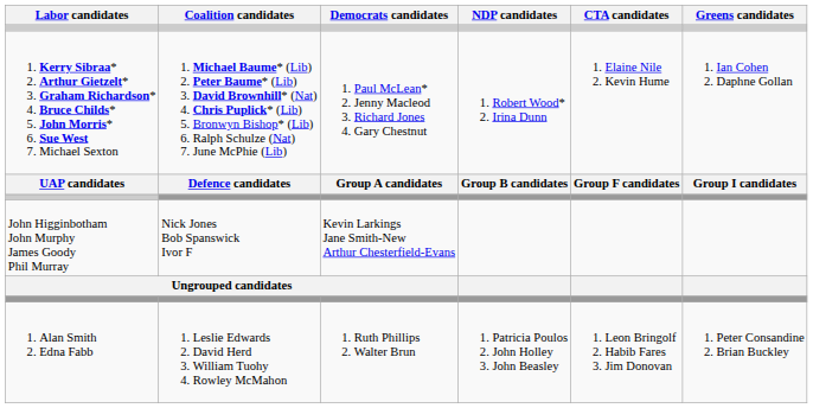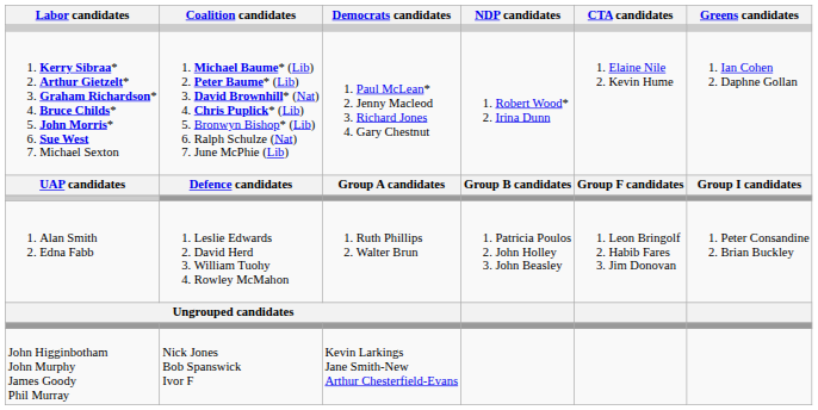 <table class="wikitable">
 <tr>
 <th><a href='#'>Labor</a> candidates</th>
 <th><a href='#'>Coalition</a> candidates</th>
 <th><a href='#'>Democrats</a> candidates</th>
 <th><a href='#'>NDP</a> candidates</th>
 <th><a href='#'>CTA</a> candidates</th>
 <th><a href='#'>Greens</a> candidates</th>
 </tr>
 <tr bgcolor="#cccccc">
 <td></td>
 <td></td>
 <td></td>
 <td></td>
 <td></td>
 <td></td>
 </tr>
 <tr>
 <td><br><ol><li><strong><a href='#'>Kerry Sibraa</a></strong>*</li><li><strong><a href='#'>Arthur Gietzelt</a></strong>*</li><li><strong><a href='#'>Graham Richardson</a></strong>*</li><li><strong><a href='#'>Bruce Childs</a></strong>*</li><li><strong><a href='#'>John Morris</a></strong>*</li><li><strong><a href='#'>Sue West</a></strong></li><li>Michael Sexton</li></ol></td>
 <td><br><ol><li><strong><a href='#'>Michael Baume</a></strong>* (<a href='#'>Lib</a>)</li><li><strong><a href='#'>Peter Baume</a></strong>* (<a href='#'>Lib</a>)</li><li><strong><a href='#'>David Brownhill</a></strong>* (<a href='#'>Nat</a>)</li><li><strong><a href='#'>Chris Puplick</a></strong>* (<a href='#'>Lib</a>)</li><li><a href='#'>Bronwyn Bishop</a>* (<a href='#'>Lib</a>)</li><li>Ralph Schulze (<a href='#'>Nat</a>)</li><li>June McPhie (<a href='#'>Lib</a>)</li></ol></td>
 <td><br><ol><li><a href='#'>Paul McLean</a>*</li><li>Jenny Macleod</li><li><a href='#'>Richard Jones</a></li><li>Gary Chestnut</li></ol></td>
 <td><br><ol><li><a href='#'>Robert Wood</a>*</li><li><a href='#'>Irina Dunn</a></li></ol></td>
 <td valign=top><br><ol><li><a href='#'>Elaine Nile</a></li><li>Kevin Hume</li></ol></td>
 <td valign=top><br><ol><li><a href='#'>Ian Cohen</a></li><li>Daphne Gollan</li></ol></td>
 </tr>
 <tr bgcolor="#cccccc">
 <th><a href='#'>UAP</a> candidates</th>
 <th><a href='#'>Defence</a> candidates</th>
 <th>Group A candidates</th>
 <th>Group B candidates</th>
 <th>Group F candidates</th>
 <th>Group I candidates</th>
 </tr>
 <tr bgcolor="#cccccc">
 <td></td>
 <td bgcolor="#999999"></td>
 <td bgcolor="#999999"></td>
 <td bgcolor="#999999"></td>
 <td bgcolor="#999999"></td>
 <td bgcolor="#999999"></td>
 </tr>
 <tr>
-<td valign=top><br>John Higginbotham<br> John Murphy<br> James Goody<br> Phil Murray</td>
-<td valign=top><br>Nick Jones<br> Bob Spanswick<br> Ivor F</td>
-<td valign=top><br>Kevin Larkings<br> Jane Smith-New<br> <a href='#'>Arthur Chesterfield-Evans</a></td>
-<td valign=top></td>
-<td valign=top></td>
-<td valign=top></td>
+<td valign=top><br><ol><li>Alan Smith</li><li>Edna Fabb</li></ol></td>
+<td valign=top><br><ol><li>Leslie Edwards</li><li>David Herd</li><li>William Tuohy</li><li>Rowley McMahon</li></ol></td>
+<td valign=top><br><ol><li>Ruth Phillips</li><li>Walter Brun</li></ol></td>
+<td valign=top><br><ol><li>Patricia Poulos</li><li>John Holley</li><li>John Beasley</li></ol></td>
+<td valign=top><br><ol><li>Leon Bringolf</li><li>Habib Fares</li><li>Jim Donovan</li></ol></td>
+<td valign=top><br><ol><li>Peter Consandine</li><li>Brian Buckley</li></ol></td>
 </tr>
 <tr bgcolor="#cccccc">
 <th colspan="3">Ungrouped candidates</th>
 <th></th>
 <th></th>
 <th></th>
 </tr>
 <tr bgcolor="#cccccc">
 <td bgcolor="#999999"></td>
 <td bgcolor="#999999"></td>
 <td bgcolor="#999999"></td>
 <td bgcolor="#999999"></td>
 <td bgcolor="#999999"></td>
 <td bgcolor="#999999"></td>
 </tr>
 <tr>
-<td valign=top><br><ol><li>Alan Smith</li><li>Edna Fabb</li></ol></td>
-<td valign=top><br><ol><li>Leslie Edwards</li><li>David Herd</li><li>William Tuohy</li><li>Rowley McMahon</li></ol></td>
-<td valign=top><br><ol><li>Ruth Phillips</li><li>Walter Brun</li></ol></td>
-<td valign=top><br><ol><li>Patricia Poulos</li><li>John Holley</li><li>John Beasley</li></ol></td>
-<td valign=top><br><ol><li>Leon Bringolf</li><li>Habib Fares</li><li>Jim Donovan</li></ol></td>
-<td valign=top><br><ol><li>Peter Consandine</li><li>Brian Buckley</li></ol></td>
+<td valign=top><br>John Higginbotham<br> John Murphy<br> James Goody<br> Phil Murray</td>
+<td valign=top><br>Nick Jones<br> Bob Spanswick<br> Ivor F</td>
+<td valign=top><br>Kevin Larkings<br> Jane Smith-New<br> <a href='#'>Arthur Chesterfield-Evans</a></td>
+<td valign=top></td>
+<td valign=top></td>
+<td valign=top></td>
 </tr>
 </table>
